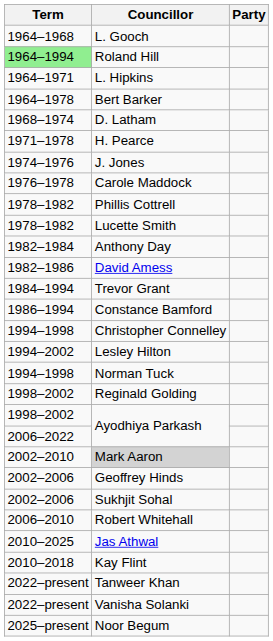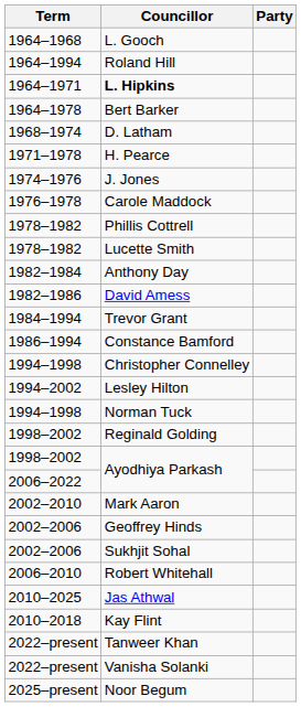 <table class="wikitable">
 <tr>
 <th>Term</th>
 <th>Councillor</th>
 <th colspan=2>Party</th>
 </tr>
 <tr>
 <td>1964–1968</td>
 <td>L. Gooch</td>
 <td></td>
 </tr>
 <tr>
-<td style="background: lightgreen;">1964–1994</td>
+<td>1964–1994</td>
 <td>Roland Hill</td>
 <td></td>
 </tr>
 <tr>
 <td>1964–1971</td>
-<td>L. Hipkins</td>
+<td><strong>L. Hipkins</strong></td>
 <td></td>
 </tr>
 <tr>
 <td>1964–1978</td>
 <td>Bert Barker</td>
 <td></td>
 </tr>
 <tr>
 <td>1968–1974</td>
 <td>D. Latham</td>
 <td></td>
 </tr>
 <tr>
 <td>1971–1978</td>
 <td>H. Pearce</td>
 <td></td>
 </tr>
 <tr>
 <td>1974–1976</td>
 <td>J. Jones</td>
 <td></td>
 </tr>
 <tr>
 <td>1976–1978</td>
 <td>Carole Maddock</td>
 <td></td>
 </tr>
 <tr>
 <td>1978–1982</td>
 <td>Phillis Cottrell</td>
 <td></td>
 </tr>
 <tr>
 <td>1978–1982</td>
 <td>Lucette Smith</td>
 <td></td>
 </tr>
 <tr>
 <td>1982–1984</td>
 <td>Anthony Day</td>
 <td></td>
 </tr>
 <tr>
 <td>1982–1986</td>
 <td><a href='#'>David Amess</a></td>
 <td></td>
 </tr>
 <tr>
 <td>1984–1994</td>
 <td>Trevor Grant</td>
 <td></td>
 </tr>
 <tr>
 <td>1986–1994</td>
 <td>Constance Bamford</td>
 <td></td>
 </tr>
 <tr>
 <td>1994–1998</td>
 <td>Christopher Connelley</td>
 <td></td>
 </tr>
 <tr>
 <td>1994–2002</td>
 <td>Lesley Hilton</td>
 <td></td>
 </tr>
 <tr>
 <td>1994–1998</td>
 <td>Norman Tuck</td>
 <td></td>
 </tr>
 <tr>
 <td>1998–2002</td>
 <td>Reginald Golding</td>
 <td></td>
 </tr>
 <tr>
 <td>1998–2002</td>
 <td rowspan=2>Ayodhiya Parkash</td>
 <td></td>
 </tr>
 <tr>
 <td>2006–2022</td>
 <td></td>
 </tr>
 <tr>
 <td>2002–2010</td>
-<td style="background: lightgrey;">Mark Aaron</td>
+<td>Mark Aaron</td>
 <td></td>
 </tr>
 <tr>
 <td>2002–2006</td>
 <td>Geoffrey Hinds</td>
 <td></td>
 </tr>
 <tr>
 <td>2002–2006</td>
 <td>Sukhjit Sohal</td>
 <td></td>
 </tr>
 <tr>
 <td>2006–2010</td>
 <td>Robert Whitehall</td>
 <td></td>
 </tr>
 <tr>
 <td>2010–2025</td>
 <td><a href='#'>Jas Athwal</a></td>
 <td></td>
 </tr>
 <tr>
 <td>2010–2018</td>
 <td>Kay Flint</td>
 <td></td>
 </tr>
 <tr>
 <td>2022–present</td>
 <td>Tanweer Khan</td>
 <td></td>
 </tr>
 <tr>
 <td>2022–present</td>
 <td>Vanisha Solanki</td>
 <td></td>
 </tr>
 <tr>
 <td>2025–present</td>
 <td>Noor Begum</td>
 <td></td>
 </tr>
 </table>
